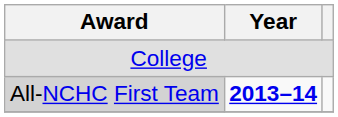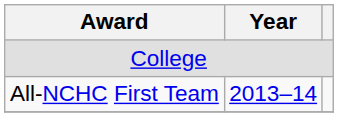 <table class="wikitable">
 <tr>
 <th>Award</th>
 <th>Year</th>
 <th></th>
 </tr>
 <tr ALIGN="center" bgcolor="#e0e0e0">
 <td colspan="3"><a href='#'>College</a></td>
 </tr>
 <tr>
-<td style="background: lightgrey;">All-<a href='#'>NCHC</a> <a href='#'>First Team</a></td>
-<td><strong><a href='#'>2013–14</a></strong></td>
+<td>All-<a href='#'>NCHC</a> <a href='#'>First Team</a></td>
+<td><a href='#'>2013–14</a></td>
 <td></td>
 </tr>
 <tr>
 </tr>
 </table>
